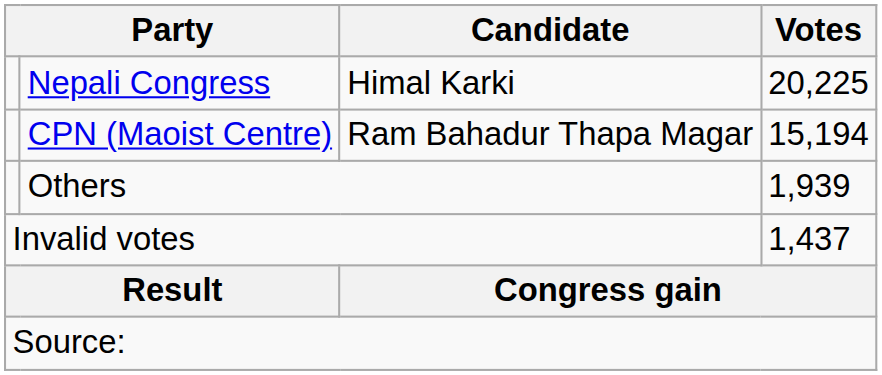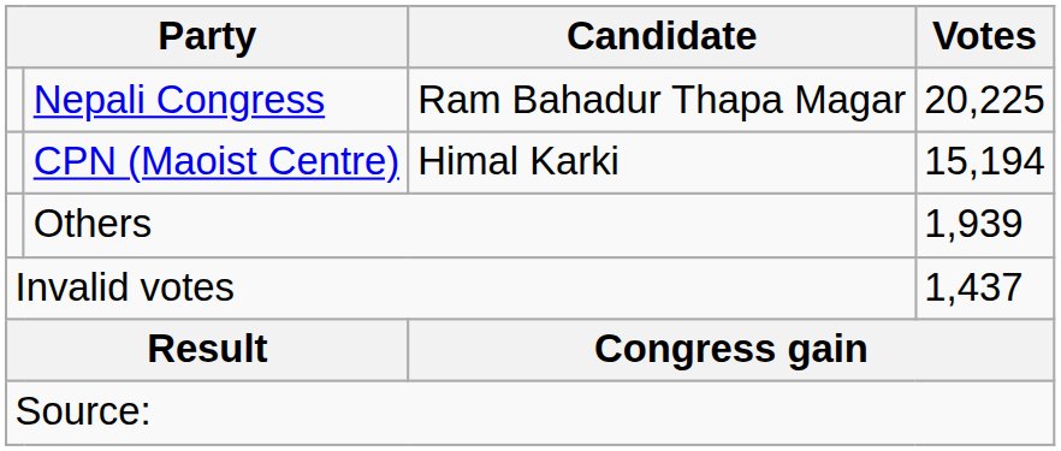 <table class="wikitable">
 <tr>
 <th colspan="2">Party</th>
 <th>Candidate</th>
 <th>Votes</th>
 </tr>
 <tr>
 <td style="background-color:"></td>
 <td><a href='#'>Nepali Congress</a></td>
-<td>Himal Karki</td>
+<td>Ram Bahadur Thapa Magar</td>
 <td>20,225</td>
 </tr>
 <tr>
 <td style="background-color:"></td>
 <td><a href='#'>CPN (Maoist Centre)</a></td>
-<td>Ram Bahadur Thapa Magar</td>
+<td>Himal Karki</td>
 <td>15,194</td>
 </tr>
 <tr>
 <td></td>
 <td colspan="2">Others</td>
 <td>1,939</td>
 </tr>
 <tr>
 <td colspan="3">Invalid votes</td>
 <td>1,437</td>
 </tr>
 <tr>
 <th colspan="2">Result</th>
 <th colspan="2">Congress gain</th>
 </tr>
 <tr>
 <td colspan="4">Source: </td>
 </tr>
 </table>
